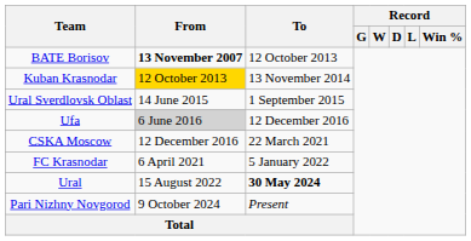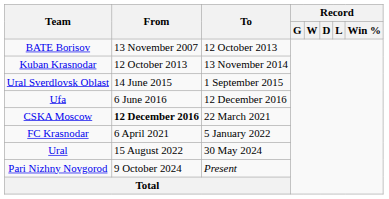 <table class="wikitable" style="text-align: center">
 <tr>
 <th rowspan="2">Team</th>
 <th rowspan="2">From</th>
 <th rowspan="2">To</th>
 <th colspan="8">Record</th>
 </tr>
 <tr>
 <th>G</th>
 <th>W</th>
 <th>D</th>
 <th>L</th>
 <th>Win %</th>
 </tr>
 <tr>
 <td><a href='#'>BATE Borisov</a></td>
-<td align="left"><strong>13 November 2007</strong></td>
+<td align="left">13 November 2007</td>
 <td align="left">12 October 2013<br></td>
 </tr>
 <tr>
 <td><a href='#'>Kuban Krasnodar</a></td>
-<td align="left" style="background: gold;">12 October 2013</td>
+<td align="left">12 October 2013</td>
 <td align="left">13 November 2014<br></td>
 </tr>
 <tr>
 <td><a href='#'>Ural Sverdlovsk Oblast</a></td>
 <td align=left>14 June 2015</td>
 <td align=left>1 September 2015<br></td>
 </tr>
 <tr>
 <td><a href='#'>Ufa</a></td>
-<td align=left style="background: lightgrey;">6 June 2016</td>
+<td align=left>6 June 2016</td>
 <td align=left>12 December 2016<br></td>
 </tr>
 <tr>
 <td><a href='#'>CSKA Moscow</a></td>
-<td align=left>12 December 2016</td>
+<td align=left><strong>12 December 2016</strong></td>
 <td align=left>22 March 2021<br></td>
 </tr>
 <tr>
 <td><a href='#'>FC Krasnodar</a></td>
 <td align=left>6 April 2021</td>
 <td align=left>5 January 2022<br></td>
 </tr>
 <tr>
 <td><a href='#'>Ural</a></td>
 <td align=left>15 August 2022</td>
-<td align=left><strong>30 May 2024<br></strong></td>
+<td align=left>30 May 2024<br></td>
 </tr>
 <tr>
 <td><a href='#'>Pari Nizhny Novgorod</a></td>
 <td align=left>9 October 2024</td>
 <td align=left><em>Present</em><br></td>
 </tr>
 <tr>
 <th colspan="3">Total<br></th>
 </tr>
 </table>
